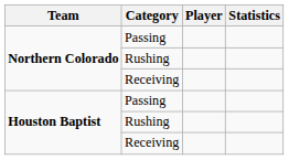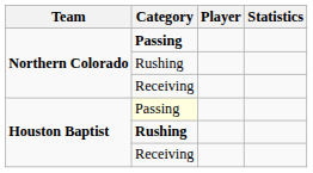 <table class="wikitable" style="float: left;">
 <tr>
 <th>Team</th>
 <th>Category</th>
 <th>Player</th>
 <th>Statistics</th>
 </tr>
 <tr>
 <td rowspan=3><strong>Northern Colorado</strong></td>
-<td>Passing</td>
+<td><strong>Passing</strong></td>
 <td> </td>
 <td> </td>
 </tr>
 <tr>
 <td>Rushing</td>
 <td> </td>
 <td> </td>
 </tr>
 <tr>
 <td>Receiving</td>
 <td> </td>
 <td> </td>
 </tr>
 <tr>
 <td rowspan=3><strong>Houston Baptist</strong></td>
-<td>Passing</td>
+<td style="background: lightyellow;">Passing</td>
 <td> </td>
 <td> </td>
 </tr>
 <tr>
-<td>Rushing</td>
+<td><strong>Rushing</strong></td>
 <td> </td>
 <td> </td>
 </tr>
 <tr>
 <td>Receiving</td>
 <td> </td>
 <td> </td>
 </tr>
 </table>
